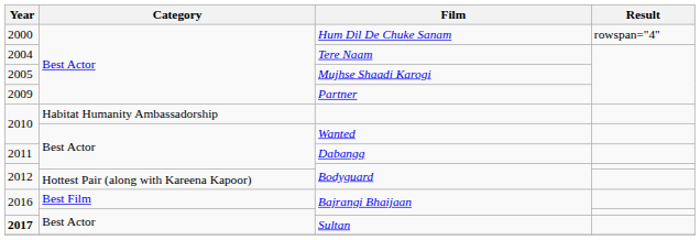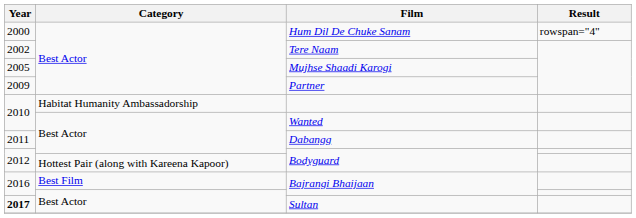 <table class="wikitable" style="width:100%;">
 <tr>
 <th width=5%>Year</th>
 <th style="width:40%;">Category</th>
 <th style="width:40%;">Film</th>
 <th style="width:15%;">Result</th>
 </tr>
 <tr>
 <td>2000</td>
 <td rowspan="4"><a href='#'>Best Actor</a></td>
 <td><em><a href='#'>Hum Dil De Chuke Sanam</a></em></td>
 <td>rowspan="4" </td>
 </tr>
 <tr>
-<td>2004</td>
+<td>2002</td>
 <td><em><a href='#'>Tere Naam</a></em></td>
 </tr>
 <tr>
 <td>2005</td>
 <td><em><a href='#'>Mujhse Shaadi Karogi</a></em></td>
 </tr>
 <tr>
 <td>2009</td>
 <td><em><a href='#'>Partner</a></em></td>
 </tr>
 <tr>
 <td rowspan="2">2010</td>
 <td>Habitat Humanity Ambassadorship</td>
 <td></td>
 <td></td>
 </tr>
 <tr>
 <td rowspan="3">Best Actor</td>
 <td><em><a href='#'>Wanted</a></em></td>
 <td></td>
 </tr>
 <tr>
 <td>2011</td>
 <td><em><a href='#'>Dabangg</a></em></td>
 <td></td>
 </tr>
 <tr>
 <td rowspan="2">2012</td>
 <td rowspan="2"><em><a href='#'>Bodyguard</a></em></td>
 <td></td>
 </tr>
 <tr>
 <td>Hottest Pair (along with Kareena Kapoor)</td>
 <td></td>
 </tr>
 <tr>
 <td rowspan="2">2016</td>
 <td><a href='#'>Best Film</a></td>
 <td rowspan="2"><em><a href='#'>Bajrangi Bhaijaan</a></em></td>
 <td></td>
 </tr>
 <tr>
 <td rowspan="2">Best Actor</td>
 <td></td>
 </tr>
 <tr>
 <td><strong>2017</strong></td>
 <td><a href='#'><em>Sultan</em></a></td>
 <td></td>
 </tr>
 <tr>
 </tr>
 </table>
